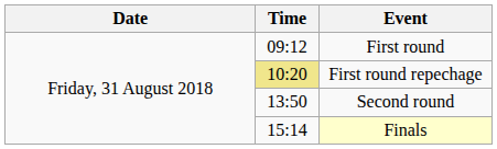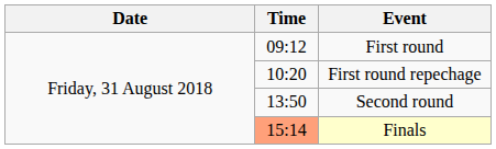 <table class = "wikitable" style="text-align:center;">
 <tr>
 <th width=220>Date</th>
 <th width=50>Time</th>
 <th width=150>Event</th>
 </tr>
 <tr>
 <td rowspan=4>Friday, 31 August 2018</td>
 <td>09:12</td>
 <td>First round</td>
 </tr>
 <tr>
-<td style="background: khaki;">10:20</td>
+<td>10:20</td>
 <td>First round repechage</td>
 </tr>
 <tr>
 <td>13:50</td>
 <td>Second round</td>
 </tr>
 <tr>
-<td>15:14</td>
+<td style="background: lightsalmon;">15:14</td>
 <td bgcolor=ffffcc>Finals</td>
 </tr>
 </table>
